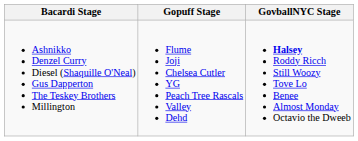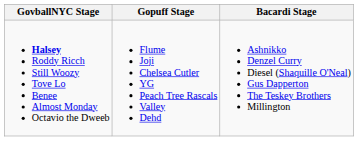 <table class="wikitable">
 <tr>
+<th>GovballNYC Stage</th>
+<th>Gopuff Stage</th>
 <th>Bacardi Stage</th>
-<th>Gopuff Stage</th>
-<th>GovballNYC Stage</th>
 </tr>
 <tr valign="top">
+<td><br><ul><li><strong><a href='#'>Halsey</a></strong></li><li><a href='#'>Roddy Ricch</a></li><li><a href='#'>Still Woozy</a></li><li><a href='#'>Tove Lo</a></li><li><a href='#'>Benee</a></li><li><a href='#'>Almost Monday</a></li><li>Octavio the Dweeb</li></ul></td>
+<td><br><ul><li><a href='#'>Flume</a></li><li><a href='#'>Joji</a></li><li><a href='#'>Chelsea Cutler</a></li><li><a href='#'>YG</a></li><li><a href='#'>Peach Tree Rascals</a></li><li><a href='#'>Valley</a></li><li><a href='#'>Dehd</a></li></ul></td>
 <td><br><ul><li><a href='#'>Ashnikko</a></li><li><a href='#'>Denzel Curry</a></li><li>Diesel (<a href='#'>Shaquille O'Neal</a>)</li><li><a href='#'>Gus Dapperton</a></li><li><a href='#'>The Teskey Brothers</a></li><li>Millington</li></ul></td>
-<td><br><ul><li><a href='#'>Flume</a></li><li><a href='#'>Joji</a></li><li><a href='#'>Chelsea Cutler</a></li><li><a href='#'>YG</a></li><li><a href='#'>Peach Tree Rascals</a></li><li><a href='#'>Valley</a></li><li><a href='#'>Dehd</a></li></ul></td>
-<td><br><ul><li><strong><a href='#'>Halsey</a></strong></li><li><a href='#'>Roddy Ricch</a></li><li><a href='#'>Still Woozy</a></li><li><a href='#'>Tove Lo</a></li><li><a href='#'>Benee</a></li><li><a href='#'>Almost Monday</a></li><li>Octavio the Dweeb</li></ul></td>
 </tr>
 </table>
